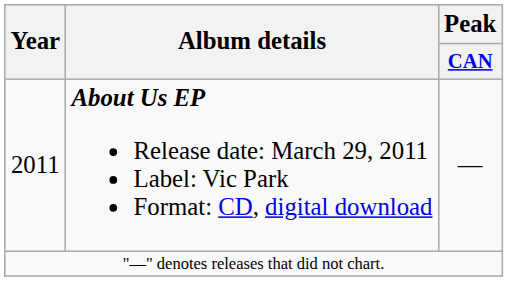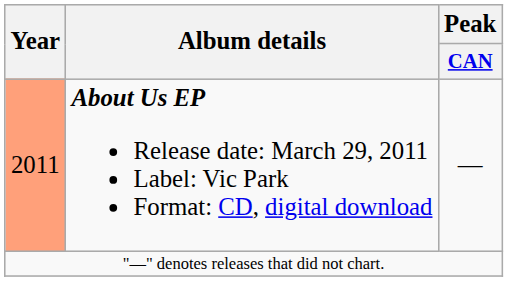 <table class="wikitable" style="text-align:center">
 <tr>
 <th rowspan="2">Year</th>
 <th rowspan="2">Album details</th>
 <th>Peak</th>
 </tr>
 <tr style="font-size:smaller;">
 <th style="width:35px;"><a href='#'>CAN</a></th>
 </tr>
 <tr>
-<td>2011</td>
+<td style="background: lightsalmon;">2011</td>
 <td style="text-align:left;"><strong><em>About Us EP</em></strong><br><ul><li>Release date: March 29, 2011</li><li>Label: Vic Park</li><li>Format: <a href='#'>CD</a>, <a href='#'>digital download</a></li></ul></td>
 <td>—</td>
 </tr>
 <tr>
 <td colspan=14 style="font-size:8pt">"—" denotes releases that did not chart.</td>
 </tr>
 </table>
